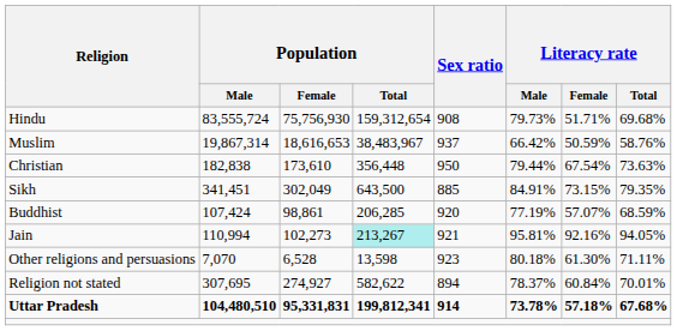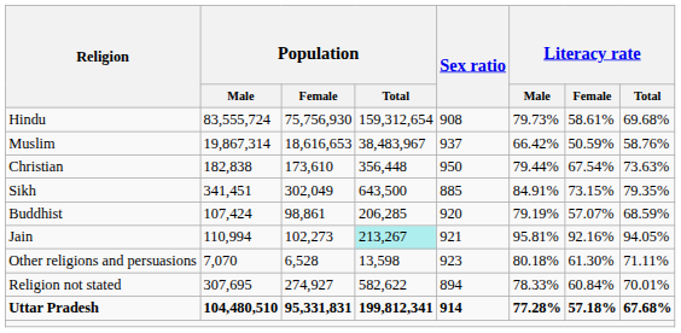 <table class="wikitable sortable">
 <tr>
 <th rowspan="2">Religion</th>
 <th colspan="3"><br><h3>Population</h3></th>
 <th rowspan="2"><br><h3><a href='#'>Sex ratio</a></h3></th>
 <th colspan="3"><br><h3><a href='#'>Literacy rate</a></h3></th>
 </tr>
 <tr>
 <th><small>Male</small></th>
 <th><small>Female</small></th>
 <th><small>Total</small></th>
 <th><small>Male</small></th>
 <th><small>Female</small></th>
 <th><small>Total</small></th>
 </tr>
 <tr 2011 Data>
 <td>Hindu</td>
 <td>83,555,724</td>
 <td>75,756,930</td>
 <td>159,312,654</td>
 <td>908</td>
 <td>79.73%</td>
-<td>51.71%</td>
+<td>58.61%</td>
 <td>69.68%</td>
 </tr>
 <tr>
 <td>Muslim</td>
 <td>19,867,314</td>
 <td>18,616,653</td>
 <td>38,483,967</td>
 <td>937</td>
 <td>66.42%</td>
 <td>50.59%</td>
 <td>58.76%</td>
 </tr>
 <tr>
 <td>Christian</td>
 <td>182,838</td>
 <td>173,610</td>
 <td>356,448</td>
 <td>950</td>
 <td>79.44%</td>
 <td>67.54%</td>
 <td>73.63%</td>
 </tr>
 <tr>
 <td>Sikh</td>
 <td>341,451</td>
 <td>302,049</td>
 <td>643,500</td>
 <td>885</td>
 <td>84.91%</td>
 <td>73.15%</td>
 <td>79.35%</td>
 </tr>
 <tr>
 <td>Buddhist</td>
 <td>107,424</td>
 <td>98,861</td>
 <td>206,285</td>
 <td>920</td>
-<td>77.19%</td>
+<td>79.19%</td>
 <td>57.07%</td>
 <td>68.59%</td>
 </tr>
 <tr>
 <td>Jain</td>
 <td>110,994</td>
 <td>102,273</td>
 <td style="background: paleturquoise;">213,267</td>
 <td>921</td>
 <td>95.81%</td>
 <td>92.16%</td>
 <td>94.05%</td>
 </tr>
 <tr>
 <td>Other religions and persuasions</td>
 <td>7,070</td>
 <td>6,528</td>
 <td>13,598</td>
 <td>923</td>
 <td>80.18%</td>
 <td>61.30%</td>
 <td>71.11%</td>
 </tr>
 <tr>
 <td>Religion not stated</td>
 <td>307,695</td>
 <td>274,927</td>
 <td>582,622</td>
 <td>894</td>
-<td>78.37%</td>
+<td>78.33%</td>
 <td>60.84%</td>
 <td>70.01%</td>
 </tr>
 <tr class="sortbottom">
 <td><strong>Uttar Pradesh</strong></td>
 <td><strong>104,480,510</strong></td>
 <td><strong>95,331,831</strong></td>
 <td><strong>199,812,341</strong></td>
 <td><strong>914</strong></td>
-<td><strong>73.78%</strong></td>
+<td><strong>77.28%</strong></td>
 <td><strong>57.18%</strong></td>
 <td><strong>67.68%</strong></td>
 </tr>
 <tr class="sortbottom">
 <td colspan="8"><small></small></td>
 </tr>
 </table>
